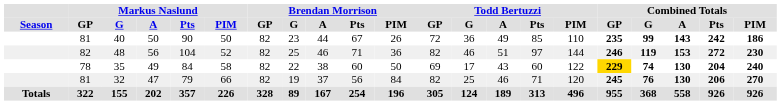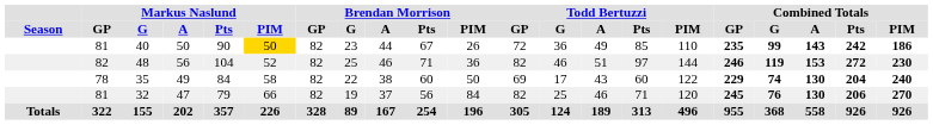 <table border="0" cellpadding="1" cellspacing="0" style="text-align:center; width:70em;">
 <tr style="background:#e0e0e0;">
 <th></th>
 <th colspan="5"><a href='#'>Markus Naslund</a></th>
 <th colspan="5"><a href='#'>Brendan Morrison</a></th>
 <th colspan="5"><a href='#'>Todd Bertuzzi</a></th>
 <th colspan="5">Combined Totals</th>
 </tr>
 <tr style="background:#e0e0e0;">
 <th><a href='#'>Season</a></th>
 <th>GP</th>
 <th><a href='#'>G</a></th>
 <th><a href='#'>A</a></th>
 <th><a href='#'>Pts</a></th>
 <th><a href='#'>PIM</a></th>
 <th>GP</th>
 <th>G</th>
 <th>A</th>
 <th>Pts</th>
 <th>PIM</th>
 <th>GP</th>
 <th>G</th>
 <th>A</th>
 <th>Pts</th>
 <th>PIM</th>
 <th>GP</th>
 <th>G</th>
 <th>A</th>
 <th>Pts</th>
 <th>PIM</th>
 </tr>
 <tr>
 <td></td>
 <td>81</td>
 <td>40</td>
 <td>50</td>
 <td>90</td>
-<td>50</td>
+<td style="background: gold;">50</td>
 <td>82</td>
 <td>23</td>
 <td>44</td>
 <td>67</td>
 <td>26</td>
 <td>72</td>
 <td>36</td>
 <td>49</td>
 <td>85</td>
 <td>110</td>
 <td><strong>235</strong></td>
 <td><strong>99</strong></td>
 <td><strong>143</strong></td>
 <td><strong>242</strong></td>
 <td><strong>186</strong></td>
 </tr>
 <tr style="background:#f0f0f0;">
 <td></td>
 <td>82</td>
 <td>48</td>
 <td>56</td>
 <td>104</td>
 <td>52</td>
 <td>82</td>
 <td>25</td>
 <td>46</td>
 <td>71</td>
 <td>36</td>
 <td>82</td>
 <td>46</td>
 <td>51</td>
 <td>97</td>
 <td>144</td>
 <td><strong>246</strong></td>
 <td><strong>119</strong></td>
 <td><strong>153</strong></td>
 <td><strong>272</strong></td>
 <td><strong>230</strong></td>
 </tr>
 <tr>
 <td></td>
 <td>78</td>
 <td>35</td>
 <td>49</td>
 <td>84</td>
 <td>58</td>
 <td>82</td>
 <td>22</td>
 <td>38</td>
 <td>60</td>
 <td>50</td>
 <td>69</td>
 <td>17</td>
 <td>43</td>
 <td>60</td>
 <td>122</td>
-<td style="background: gold;"><strong>229</strong></td>
+<td><strong>229</strong></td>
 <td><strong>74</strong></td>
 <td><strong>130</strong></td>
 <td><strong>204</strong></td>
 <td><strong>240</strong></td>
 </tr>
 <tr style="background:#f0f0f0;">
 <td></td>
 <td>81</td>
 <td>32</td>
 <td>47</td>
 <td>79</td>
 <td>66</td>
 <td>82</td>
 <td>19</td>
 <td>37</td>
 <td>56</td>
 <td>84</td>
 <td>82</td>
 <td>25</td>
 <td>46</td>
 <td>71</td>
 <td>120</td>
 <td><strong>245</strong></td>
 <td><strong>76</strong></td>
 <td><strong>130</strong></td>
 <td><strong>206</strong></td>
 <td><strong>270</strong></td>
 </tr>
 <tr style="background:#e0e0e0;">
 <th>Totals</th>
 <th>322</th>
 <th>155</th>
 <th>202</th>
 <th>357</th>
 <th>226</th>
 <th>328</th>
 <th>89</th>
 <th>167</th>
 <th>254</th>
 <th>196</th>
 <th>305</th>
 <th>124</th>
 <th>189</th>
 <th>313</th>
 <th>496</th>
 <th>955</th>
 <th>368</th>
 <th>558</th>
 <th>926</th>
 <th>926</th>
 </tr>
 </table>
